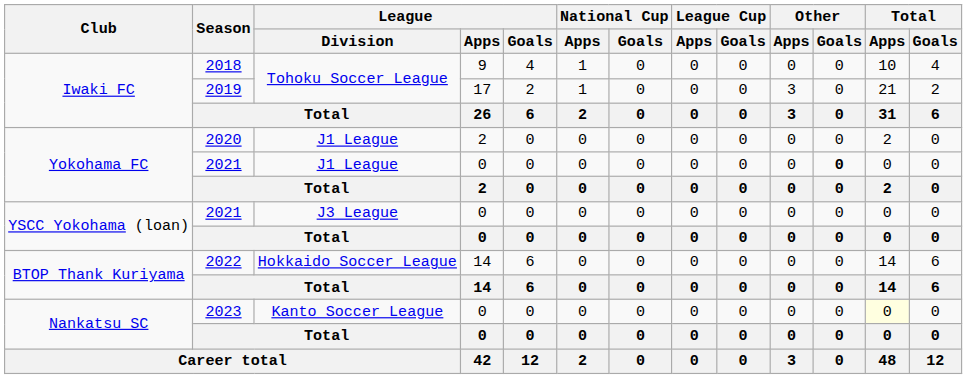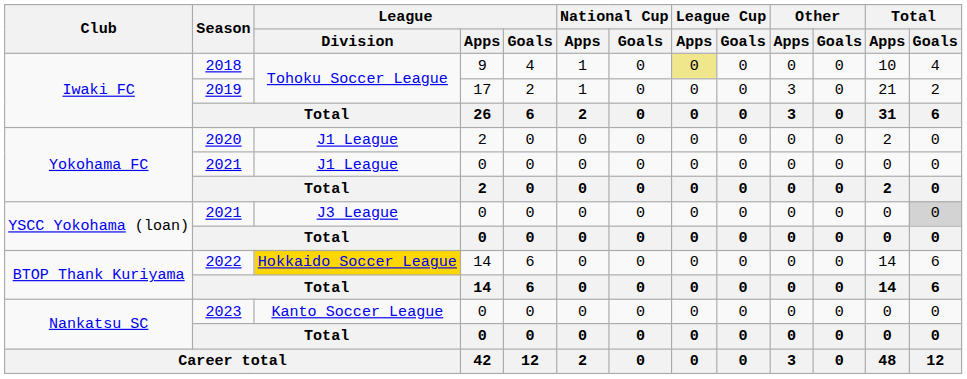 <table class="wikitable" style="text-align: center">
 <tr>
 <th rowspan="2">Club</th>
 <th rowspan="2">Season</th>
 <th colspan="3">League</th>
 <th colspan="2">National Cup</th>
 <th colspan="2">League Cup</th>
 <th colspan="2">Other</th>
 <th colspan="2">Total</th>
 </tr>
 <tr>
 <th>Division</th>
 <th>Apps</th>
 <th>Goals</th>
 <th>Apps</th>
 <th>Goals</th>
 <th>Apps</th>
 <th>Goals</th>
 <th>Apps</th>
 <th>Goals</th>
 <th>Apps</th>
 <th>Goals</th>
 </tr>
 <tr>
 <td rowspan="3"><a href='#'>Iwaki FC</a></td>
 <td><a href='#'>2018</a></td>
 <td rowspan="2"><a href='#'>Tohoku Soccer League</a></td>
 <td>9</td>
 <td>4</td>
 <td>1</td>
 <td>0</td>
-<td>0</td>
+<td style="background: khaki;">0</td>
 <td>0</td>
 <td>0</td>
 <td>0</td>
 <td>10</td>
 <td>4</td>
 </tr>
 <tr>
 <td><a href='#'>2019</a></td>
 <td>17</td>
 <td>2</td>
 <td>1</td>
 <td>0</td>
 <td>0</td>
 <td>0</td>
 <td>3</td>
 <td>0</td>
 <td>21</td>
 <td>2</td>
 </tr>
 <tr>
 <th colspan=2>Total</th>
 <th>26</th>
 <th>6</th>
 <th>2</th>
 <th>0</th>
 <th>0</th>
 <th>0</th>
 <th>3</th>
 <th>0</th>
 <th>31</th>
 <th>6</th>
 </tr>
 <tr>
 <td rowspan="3"><a href='#'>Yokohama FC</a></td>
 <td><a href='#'>2020</a></td>
 <td><a href='#'>J1 League</a></td>
 <td>2</td>
 <td>0</td>
 <td>0</td>
 <td>0</td>
 <td>0</td>
 <td>0</td>
 <td>0</td>
 <td>0</td>
 <td>2</td>
 <td>0</td>
 </tr>
 <tr>
 <td><a href='#'>2021</a></td>
 <td><a href='#'>J1 League</a></td>
 <td>0</td>
 <td>0</td>
 <td>0</td>
 <td>0</td>
 <td>0</td>
 <td>0</td>
 <td>0</td>
-<td><strong>0</strong></td>
+<td>0</td>
 <td>0</td>
 <td>0</td>
 </tr>
 <tr>
 <th colspan=2>Total</th>
 <th>2</th>
 <th>0</th>
 <th>0</th>
 <th>0</th>
 <th>0</th>
 <th>0</th>
 <th>0</th>
 <th>0</th>
 <th>2</th>
 <th>0</th>
 </tr>
 <tr>
 <td rowspan="2"><a href='#'>YSCC Yokohama</a> (loan)</td>
 <td><a href='#'>2021</a></td>
 <td><a href='#'>J3 League</a></td>
 <td>0</td>
 <td>0</td>
 <td>0</td>
 <td>0</td>
 <td>0</td>
 <td>0</td>
 <td>0</td>
 <td>0</td>
 <td>0</td>
-<td>0</td>
+<td style="background: lightgrey;">0</td>
 </tr>
 <tr>
 <th colspan=2>Total</th>
 <th>0</th>
 <th>0</th>
 <th>0</th>
 <th>0</th>
 <th>0</th>
 <th>0</th>
 <th>0</th>
 <th>0</th>
 <th>0</th>
 <th>0</th>
 </tr>
 <tr>
 <td rowspan="2"><a href='#'>BTOP Thank Kuriyama</a></td>
 <td><a href='#'>2022</a></td>
-<td><a href='#'>Hokkaido Soccer League</a></td>
+<td style="background: gold;"><a href='#'>Hokkaido Soccer League</a></td>
 <td>14</td>
 <td>6</td>
 <td>0</td>
 <td>0</td>
 <td>0</td>
 <td>0</td>
 <td>0</td>
 <td>0</td>
 <td>14</td>
 <td>6</td>
 </tr>
 <tr>
 <th colspan=2>Total</th>
 <th>14</th>
 <th>6</th>
 <th>0</th>
 <th>0</th>
 <th>0</th>
 <th>0</th>
 <th>0</th>
 <th>0</th>
 <th>14</th>
 <th>6</th>
 </tr>
 <tr>
 <td rowspan="2"><a href='#'>Nankatsu SC</a></td>
 <td><a href='#'>2023</a></td>
 <td><a href='#'>Kanto Soccer League</a></td>
 <td>0</td>
 <td>0</td>
 <td>0</td>
 <td>0</td>
 <td>0</td>
 <td>0</td>
 <td>0</td>
 <td>0</td>
-<td style="background: lightyellow;">0</td>
+<td>0</td>
 <td>0</td>
 </tr>
 <tr>
 <th colspan=2>Total</th>
 <th>0</th>
 <th>0</th>
 <th>0</th>
 <th>0</th>
 <th>0</th>
 <th>0</th>
 <th>0</th>
 <th>0</th>
 <th>0</th>
 <th>0</th>
 </tr>
 <tr>
 <th colspan=3>Career total</th>
 <th>42</th>
 <th>12</th>
 <th>2</th>
 <th>0</th>
 <th>0</th>
 <th>0</th>
 <th>3</th>
 <th>0</th>
 <th>48</th>
 <th>12</th>
 </tr>
 </table>
